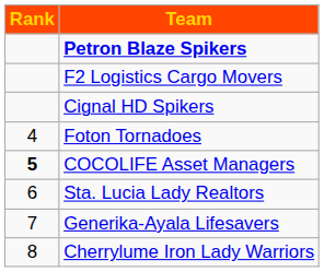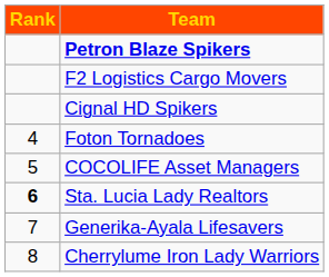 <table class="wikitable" style="text-align: center">
 <tr>
 <th width=40 style="background:#FF4500; color:#FFD700;">Rank</th>
 <th style="background:#FF4500; color:#FFD700;">Team</th>
 </tr>
 <tr>
 <td></td>
 <td align="left"><strong><a href='#'>Petron Blaze Spikers</a></strong></td>
 </tr>
 <tr>
 <td></td>
 <td align="left"><a href='#'>F2 Logistics Cargo Movers</a></td>
 </tr>
 <tr>
 <td></td>
 <td align="left"><a href='#'>Cignal HD Spikers</a></td>
 </tr>
 <tr>
 <td>4</td>
 <td align="left"><a href='#'>Foton Tornadoes</a></td>
 </tr>
 <tr>
-<td><strong>5</strong></td>
+<td>5</td>
 <td align="left"><a href='#'>COCOLIFE Asset Managers</a></td>
 </tr>
 <tr>
-<td>6</td>
+<td><strong>6</strong></td>
 <td align="left"><a href='#'>Sta. Lucia Lady Realtors</a></td>
 </tr>
 <tr>
 <td>7</td>
 <td align="left"><a href='#'>Generika-Ayala Lifesavers</a></td>
 </tr>
 <tr>
 <td>8</td>
 <td align="left"><a href='#'>Cherrylume Iron Lady Warriors</a></td>
 </tr>
 </table>
